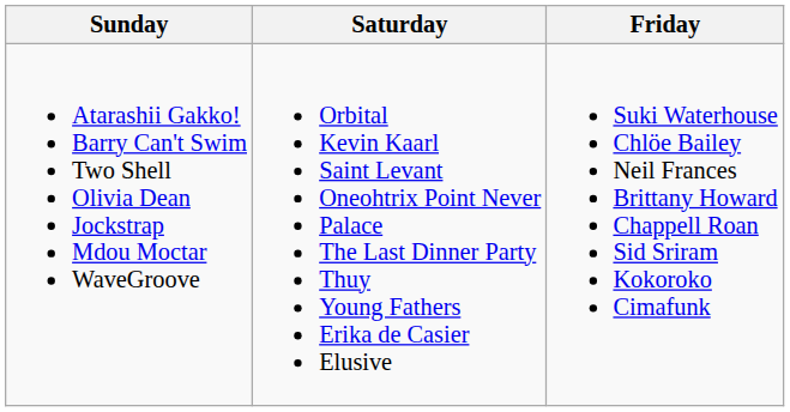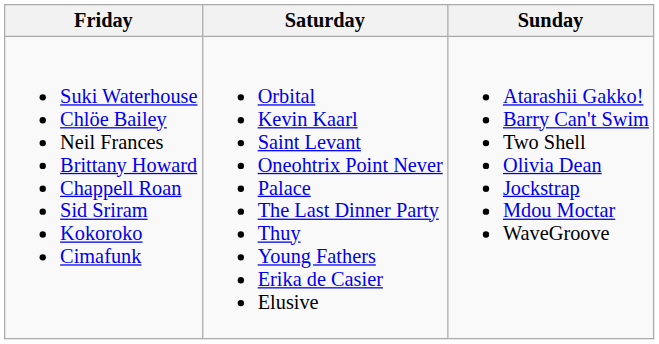 <table class="wikitable">
 <tr>
+<th>Friday</th>
+<th>Saturday</th>
 <th>Sunday</th>
-<th>Saturday</th>
-<th>Friday</th>
 </tr>
 <tr valign="top">
+<td><br><ul><li><a href='#'>Suki Waterhouse</a></li><li><a href='#'>Chlöe Bailey</a></li><li>Neil Frances</li><li><a href='#'>Brittany Howard</a></li><li><a href='#'>Chappell Roan</a></li><li><a href='#'>Sid Sriram</a></li><li><a href='#'>Kokoroko</a></li><li><a href='#'>Cimafunk</a></li></ul></td>
+<td><br><ul><li><a href='#'>Orbital</a></li><li><a href='#'>Kevin Kaarl</a></li><li><a href='#'>Saint Levant</a></li><li><a href='#'>Oneohtrix Point Never</a></li><li><a href='#'>Palace</a></li><li><a href='#'>The Last Dinner Party</a></li><li><a href='#'>Thuy</a></li><li><a href='#'>Young Fathers</a></li><li><a href='#'>Erika de Casier</a></li><li>Elusive</li></ul></td>
 <td><br><ul><li><a href='#'>Atarashii Gakko!</a></li><li><a href='#'>Barry Can't Swim</a></li><li>Two Shell</li><li><a href='#'>Olivia Dean</a></li><li><a href='#'>Jockstrap</a></li><li><a href='#'>Mdou Moctar</a></li><li>WaveGroove</li></ul></td>
-<td><br><ul><li><a href='#'>Orbital</a></li><li><a href='#'>Kevin Kaarl</a></li><li><a href='#'>Saint Levant</a></li><li><a href='#'>Oneohtrix Point Never</a></li><li><a href='#'>Palace</a></li><li><a href='#'>The Last Dinner Party</a></li><li><a href='#'>Thuy</a></li><li><a href='#'>Young Fathers</a></li><li><a href='#'>Erika de Casier</a></li><li>Elusive</li></ul></td>
-<td><br><ul><li><a href='#'>Suki Waterhouse</a></li><li><a href='#'>Chlöe Bailey</a></li><li>Neil Frances</li><li><a href='#'>Brittany Howard</a></li><li><a href='#'>Chappell Roan</a></li><li><a href='#'>Sid Sriram</a></li><li><a href='#'>Kokoroko</a></li><li><a href='#'>Cimafunk</a></li></ul></td>
 </tr>
 </table>
